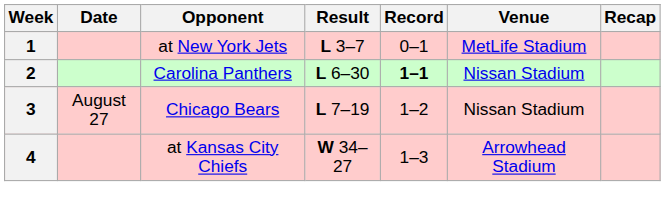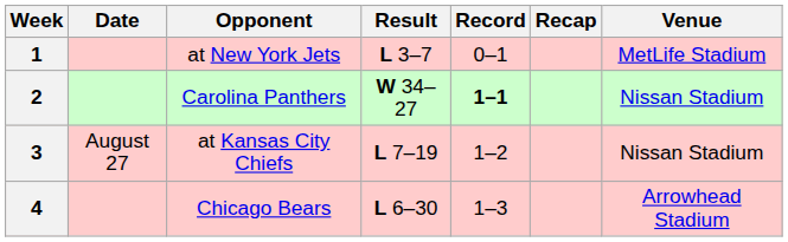 <table class="wikitable" style="text-align:center">
 <tr>
 <th>Week</th>
 <th>Date</th>
 <th>Opponent</th>
 <th>Result</th>
 <th>Record</th>
+<th>Recap</th>
 <th>Venue</th>
-<th>Recap</th>
 </tr>
 <tr style="background:#fcc">
 <th>1</th>
 <td></td>
 <td>at <a href='#'>New York Jets</a></td>
 <td><strong>L</strong> 3–7</td>
 <td>0–1</td>
+<td></td>
 <td><a href='#'>MetLife Stadium</a></td>
-<td></td>
 </tr>
 <tr style="background:#cfc">
 <th>2</th>
 <td></td>
 <td><a href='#'>Carolina Panthers</a></td>
-<td><strong>L</strong> 6–30</td>
+<td><strong>W</strong> 34–27</td>
 <td><strong>1–1</strong></td>
+<td></td>
 <td><a href='#'>Nissan Stadium</a></td>
-<td></td>
 </tr>
 <tr style="background:#fcc">
 <th>3</th>
 <td>August 27</td>
-<td><a href='#'>Chicago Bears</a></td>
+<td>at <a href='#'>Kansas City Chiefs</a></td>
 <td><strong>L</strong> 7–19</td>
 <td>1–2</td>
+<td></td>
 <td>Nissan Stadium</td>
-<td></td>
 </tr>
 <tr style="background:#fcc">
 <th>4</th>
 <td></td>
-<td>at <a href='#'>Kansas City Chiefs</a></td>
-<td><strong>W</strong> 34–27</td>
+<td><a href='#'>Chicago Bears</a></td>
+<td><strong>L</strong> 6–30</td>
 <td>1–3</td>
+<td></td>
 <td><a href='#'>Arrowhead Stadium</a></td>
-<td></td>
 </tr>
 </table>
